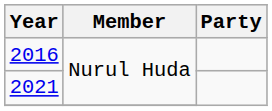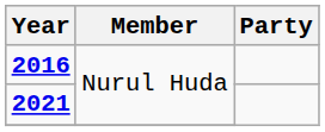 <table class="wikitable sortable">
 <tr>
 <th>Year</th>
 <th>Member</th>
 <th colspan=2>Party</th>
 </tr>
 <tr>
-<td><a href='#'>2016</a></td>
+<td><strong><a href='#'>2016</a></strong></td>
 <td rowspan=2>Nurul Huda</td>
 <td></td>
 </tr>
 <tr>
-<td><a href='#'>2021</a></td>
+<td><strong><a href='#'>2021</a></strong></td>
 </tr>
 <tr>
 </tr>
 </table>
